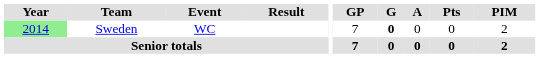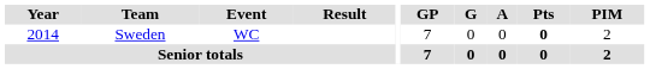 <table border="0" cellpadding="1" cellspacing="0" ID="Table3" style="text-align:center; width:40em">
 <tr ALIGN="center" bgcolor="#e0e0e0">
 <th>Year</th>
 <th>Team</th>
 <th>Event</th>
 <th>Result</th>
 <th rowspan="99" bgcolor="#ffffff"></th>
 <th>GP</th>
 <th>G</th>
 <th>A</th>
 <th>Pts</th>
 <th>PIM</th>
 </tr>
 <tr>
-<td style="background: lightgreen;"><a href='#'>2014</a></td>
+<td><a href='#'>2014</a></td>
 <td><a href='#'>Sweden</a></td>
 <td><a href='#'>WC</a></td>
 <td></td>
 <td>7</td>
-<td><strong>0</strong></td>
 <td>0</td>
 <td>0</td>
+<td><strong>0</strong></td>
 <td>2</td>
 </tr>
 <tr bgcolor="#e0e0e0">
 <th colspan=4>Senior totals</th>
 <th>7</th>
 <th>0</th>
 <th>0</th>
 <th>0</th>
 <th>2</th>
 </tr>
 </table>
